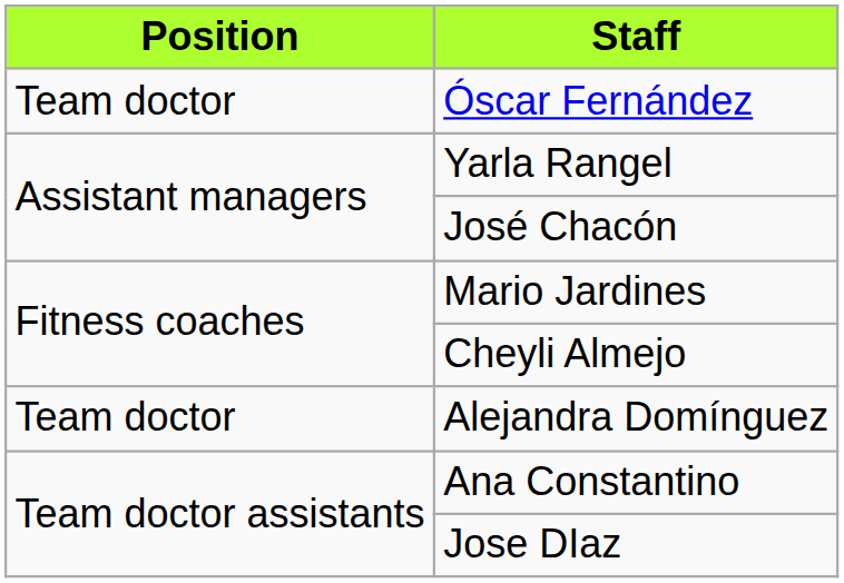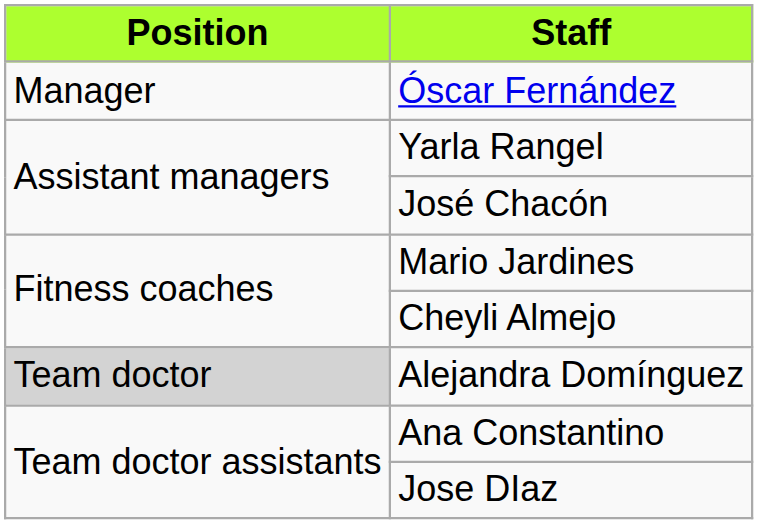 <table class="wikitable">
 <tr>
 <th style=background-color:#ADFF2F;color:Black>Position</th>
 <th style=background-color:#ADFF2F;color:Black>Staff</th>
 </tr>
 <tr>
-<td>Team doctor</td>
+<td>Manager</td>
 <td> <a href='#'>Óscar Fernández</a></td>
 </tr>
 <tr>
 <td rowspan="2">Assistant managers</td>
 <td> Yarla Rangel</td>
 </tr>
 <tr>
 <td> José Chacón</td>
 </tr>
 <tr>
 <td rowspan="2">Fitness coaches</td>
 <td> Mario Jardines</td>
 </tr>
 <tr>
 <td> Cheyli Almejo</td>
 </tr>
 <tr>
-<td>Team doctor</td>
+<td style="background: lightgrey;">Team doctor</td>
 <td> Alejandra Domínguez</td>
 </tr>
 <tr>
 <td rowspan="2">Team doctor assistants</td>
 <td> Ana Constantino</td>
 </tr>
 <tr>
 <td> Jose DIaz</td>
 </tr>
 </table>
